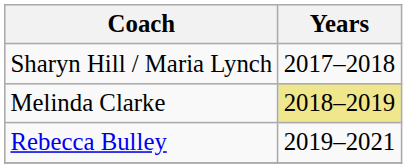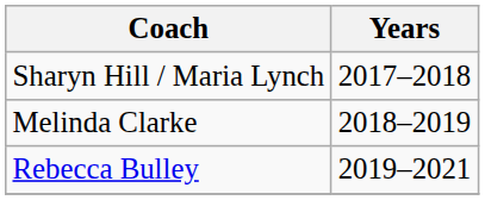 <table class="wikitable collapsible">
 <tr>
 <th>Coach</th>
 <th>Years</th>
 </tr>
 <tr>
 <td>Sharyn Hill / Maria Lynch </td>
 <td>2017–2018</td>
 </tr>
 <tr>
 <td>Melinda Clarke </td>
-<td style="background: khaki;">2018–2019</td>
+<td>2018–2019</td>
 </tr>
 <tr>
 <td><a href='#'>Rebecca Bulley</a></td>
 <td>2019–2021</td>
 </tr>
 <tr>
 </tr>
 </table>
